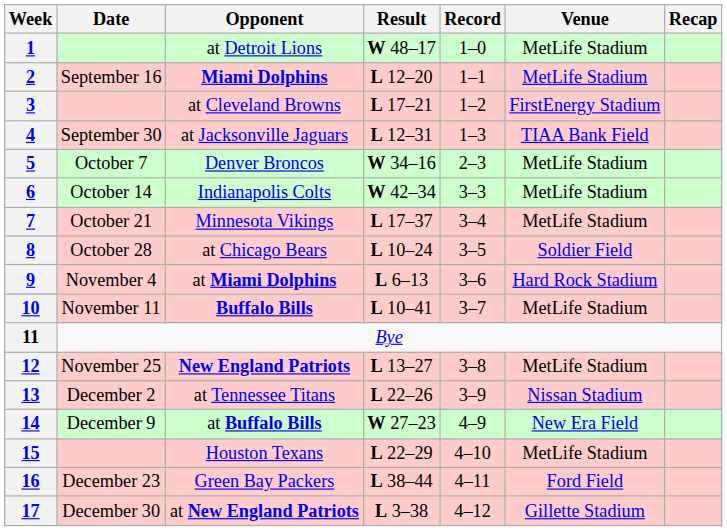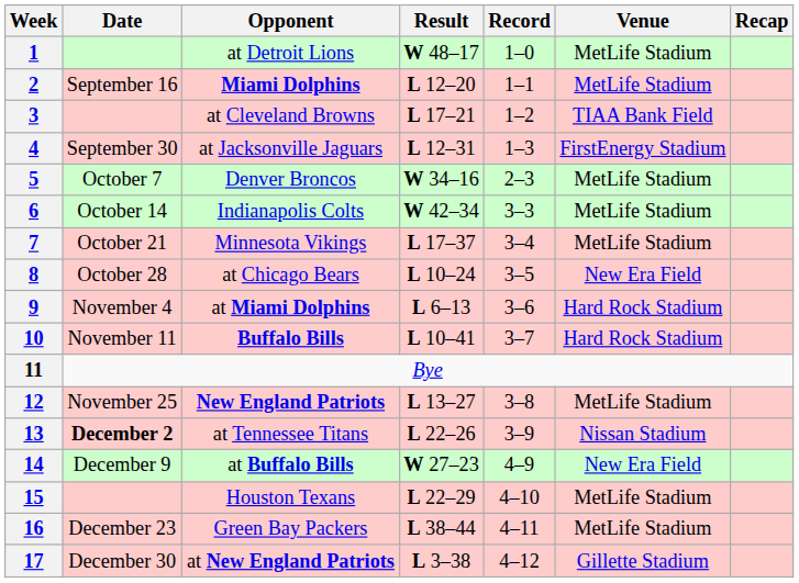 <table class="wikitable" style="text-align:center">
 <tr>
 <th>Week</th>
 <th>Date</th>
 <th>Opponent</th>
 <th>Result</th>
 <th>Record</th>
 <th>Venue</th>
 <th>Recap</th>
 </tr>
 <tr style="background:#cfc">
 <th><a href='#'>1</a></th>
 <td></td>
 <td>at <a href='#'>Detroit Lions</a></td>
 <td><strong>W</strong> 48–17</td>
 <td>1–0</td>
 <td>MetLife Stadium</td>
 <td></td>
 </tr>
 <tr style="background:#fcc">
 <th><a href='#'>2</a></th>
 <td>September 16</td>
 <td><strong><a href='#'>Miami Dolphins</a></strong></td>
 <td><strong>L</strong> 12–20</td>
 <td>1–1</td>
 <td><a href='#'>MetLife Stadium</a></td>
 <td></td>
 </tr>
 <tr style="background:#fcc">
 <th><a href='#'>3</a></th>
 <td></td>
 <td>at <a href='#'>Cleveland Browns</a></td>
 <td><strong>L</strong> 17–21</td>
 <td>1–2</td>
-<td><a href='#'>FirstEnergy Stadium</a></td>
+<td><a href='#'>TIAA Bank Field</a></td>
 <td></td>
 </tr>
 <tr style="background:#fcc">
 <th><a href='#'>4</a></th>
 <td>September 30</td>
 <td>at <a href='#'>Jacksonville Jaguars</a></td>
 <td><strong>L</strong> 12–31</td>
 <td>1–3</td>
-<td><a href='#'>TIAA Bank Field</a></td>
+<td><a href='#'>FirstEnergy Stadium</a></td>
 <td></td>
 </tr>
 <tr style="background:#cfc">
 <th><a href='#'>5</a></th>
 <td>October 7</td>
 <td><a href='#'>Denver Broncos</a></td>
 <td><strong>W</strong> 34–16</td>
 <td>2–3</td>
 <td>MetLife Stadium</td>
 <td></td>
 </tr>
 <tr style="background:#cfc">
 <th><a href='#'>6</a></th>
 <td>October 14</td>
 <td><a href='#'>Indianapolis Colts</a></td>
 <td><strong>W</strong> 42–34</td>
 <td>3–3</td>
 <td>MetLife Stadium</td>
 <td></td>
 </tr>
 <tr style="background:#fcc">
 <th><a href='#'>7</a></th>
 <td>October 21</td>
 <td><a href='#'>Minnesota Vikings</a></td>
 <td><strong>L</strong> 17–37</td>
 <td>3–4</td>
 <td>MetLife Stadium</td>
 <td></td>
 </tr>
 <tr style="background:#fcc">
 <th><a href='#'>8</a></th>
 <td>October 28</td>
 <td>at <a href='#'>Chicago Bears</a></td>
 <td><strong>L</strong> 10–24</td>
 <td>3–5</td>
-<td><a href='#'>Soldier Field</a></td>
+<td><a href='#'>New Era Field</a></td>
 <td></td>
 </tr>
 <tr style="background:#fcc">
 <th><a href='#'>9</a></th>
 <td>November 4</td>
 <td>at <strong><a href='#'>Miami Dolphins</a></strong></td>
 <td><strong>L</strong> 6–13</td>
 <td>3–6</td>
 <td><a href='#'>Hard Rock Stadium</a></td>
 <td></td>
 </tr>
 <tr style="background:#fcc">
 <th><a href='#'>10</a></th>
 <td>November 11</td>
 <td><strong><a href='#'>Buffalo Bills</a></strong></td>
 <td><strong>L</strong> 10–41</td>
 <td>3–7</td>
-<td>MetLife Stadium</td>
+<td><a href='#'>Hard Rock Stadium</a></td>
 <td></td>
 </tr>
 <tr>
 <th>11</th>
 <td colspan=6><em><a href='#'>Bye</a></em></td>
 </tr>
 <tr style="background:#fcc">
 <th><a href='#'>12</a></th>
 <td>November 25</td>
 <td><strong><a href='#'>New England Patriots</a></strong></td>
 <td><strong>L</strong> 13–27</td>
 <td>3–8</td>
 <td>MetLife Stadium</td>
 <td></td>
 </tr>
 <tr style="background:#fcc">
 <th><a href='#'>13</a></th>
-<td>December 2</td>
+<td><strong>December 2</strong></td>
 <td>at <a href='#'>Tennessee Titans</a></td>
 <td><strong>L</strong> 22–26</td>
 <td>3–9</td>
 <td><a href='#'>Nissan Stadium</a></td>
 <td></td>
 </tr>
 <tr style="background:#cfc">
 <th><a href='#'>14</a></th>
 <td>December 9</td>
 <td>at <strong><a href='#'>Buffalo Bills</a></strong></td>
 <td><strong>W</strong> 27–23</td>
 <td>4–9</td>
 <td><a href='#'>New Era Field</a></td>
 <td></td>
 </tr>
 <tr style="background:#fcc">
 <th><a href='#'>15</a></th>
 <td></td>
 <td><a href='#'>Houston Texans</a></td>
 <td><strong>L</strong> 22–29</td>
 <td>4–10</td>
 <td>MetLife Stadium</td>
 <td></td>
 </tr>
 <tr style="background:#fcc">
 <th><a href='#'>16</a></th>
 <td>December 23</td>
 <td><a href='#'>Green Bay Packers</a></td>
 <td><strong>L</strong> 38–44 </td>
 <td>4–11</td>
-<td><a href='#'>Ford Field</a></td>
+<td>MetLife Stadium</td>
 <td></td>
 </tr>
 <tr style="background:#fcc">
 <th><a href='#'>17</a></th>
 <td>December 30</td>
 <td>at <strong><a href='#'>New England Patriots</a></strong></td>
 <td><strong>L</strong> 3–38</td>
 <td>4–12</td>
 <td><a href='#'>Gillette Stadium</a></td>
 <td></td>
 </tr>
 </table>
